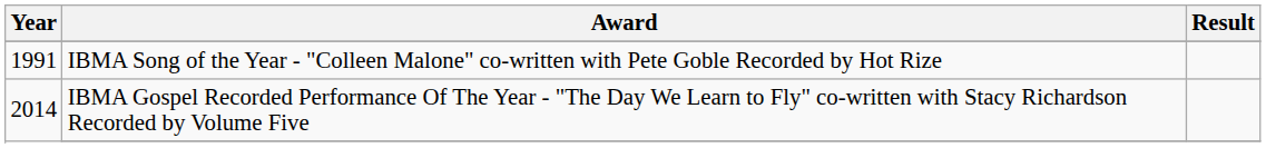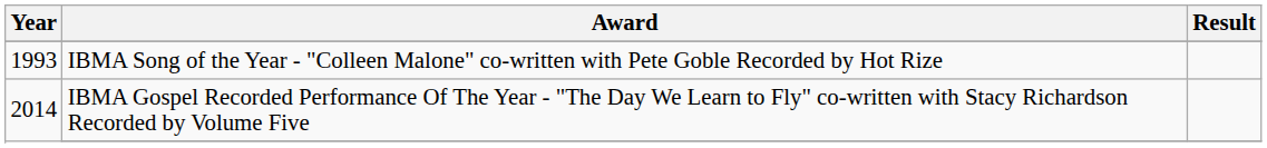 <table class="wikitable">
 <tr>
 <th>Year</th>
 <th>Award</th>
 <th>Result</th>
 </tr>
 <tr>
 </tr>
 <tr>
-<td>1991</td>
+<td>1993</td>
 <td>IBMA Song of the Year - "Colleen Malone" co-written with Pete Goble Recorded by Hot Rize</td>
 <td></td>
 </tr>
 <tr>
 <td rowspan="3">2014</td>
 <td>IBMA Gospel Recorded Performance Of The Year - "The Day We Learn to Fly" co-written with Stacy Richardson Recorded by Volume Five</td>
 <td></td>
 </tr>
 <tr>
 </tr>
 </table>
